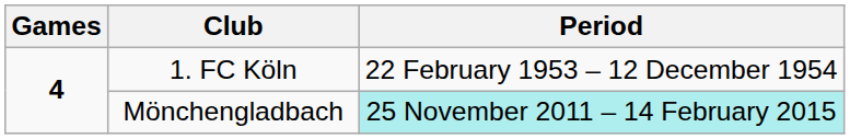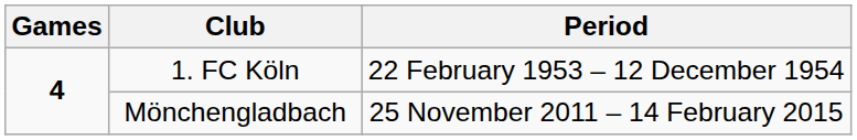 <table class="wikitable sortable" style="text-align:center;">
 <tr>
 <th>Games</th>
 <th style="width:30%;">Club</th>
 <th>Period</th>
 </tr>
 <tr>
 <td rowspan="2"><strong>4</strong></td>
 <td>1. FC Köln</td>
 <td>22 February 1953 – 12 December 1954</td>
 </tr>
 <tr>
 <td>Mönchengladbach</td>
-<td style="background: paleturquoise;">25 November 2011 – 14 February 2015</td>
+<td>25 November 2011 – 14 February 2015</td>
 </tr>
 </table>
